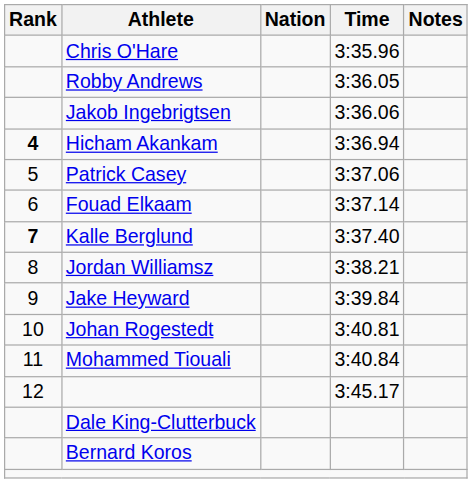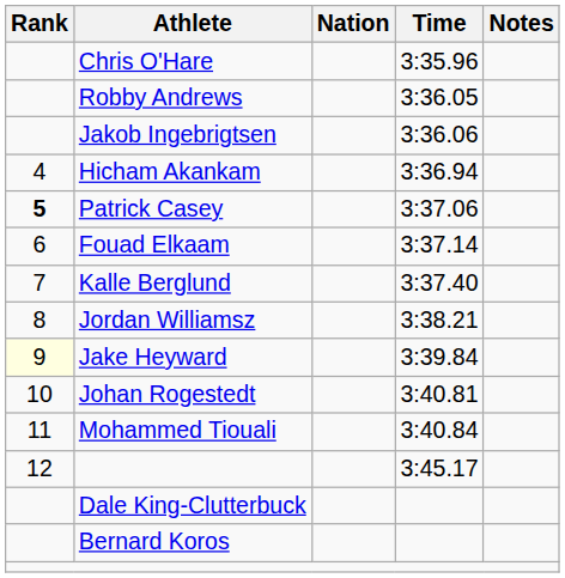 <table class="wikitable sortable" style="text-align:center;">
 <tr>
 <th scope="col" style="width: 10px;">Rank</th>
 <th scope="col">Athlete</th>
 <th scope="col">Nation</th>
 <th scope="col">Time</th>
 <th scope="col">Notes</th>
 </tr>
 <tr>
 <td></td>
 <td align=left><a href='#'>Chris O'Hare</a></td>
 <td align=left></td>
 <td>3:35.96</td>
 <td></td>
 </tr>
 <tr>
 <td></td>
 <td align=left><a href='#'>Robby Andrews</a></td>
 <td align=left></td>
 <td>3:36.05</td>
 <td></td>
 </tr>
 <tr>
 <td></td>
 <td align=left><a href='#'>Jakob Ingebrigtsen</a></td>
 <td align=left></td>
 <td>3:36.06</td>
 <td></td>
 </tr>
 <tr>
-<td><strong>4</strong></td>
+<td>4</td>
 <td align=left><a href='#'>Hicham Akankam</a></td>
 <td align=left></td>
 <td>3:36.94</td>
 <td></td>
 </tr>
 <tr>
-<td>5</td>
+<td><strong>5</strong></td>
 <td align=left><a href='#'>Patrick Casey</a></td>
 <td align=left></td>
 <td>3:37.06</td>
 <td></td>
 </tr>
 <tr>
 <td>6</td>
 <td align=left><a href='#'>Fouad Elkaam</a></td>
 <td align=left></td>
 <td>3:37.14</td>
 <td></td>
 </tr>
 <tr>
-<td><strong>7</strong></td>
+<td>7</td>
 <td align=left><a href='#'>Kalle Berglund</a></td>
 <td align=left></td>
 <td>3:37.40</td>
 <td></td>
 </tr>
 <tr>
 <td>8</td>
 <td align=left><a href='#'>Jordan Williamsz</a></td>
 <td align=left></td>
 <td>3:38.21</td>
 <td></td>
 </tr>
 <tr>
-<td>9</td>
+<td style="background: lightyellow;">9</td>
 <td align=left><a href='#'>Jake Heyward</a></td>
 <td align=left></td>
 <td>3:39.84</td>
 <td></td>
 </tr>
 <tr>
 <td>10</td>
 <td align=left><a href='#'>Johan Rogestedt</a></td>
 <td align=left></td>
 <td>3:40.81</td>
 <td></td>
 </tr>
 <tr>
 <td>11</td>
 <td align=left><a href='#'>Mohammed Tiouali</a></td>
 <td align=left></td>
 <td>3:40.84</td>
 <td></td>
 </tr>
 <tr>
 <td>12</td>
 <td align=left></td>
 <td align=left></td>
 <td>3:45.17</td>
 <td></td>
 </tr>
 <tr>
 <td></td>
 <td align="left"><a href='#'>Dale King-Clutterbuck</a></td>
 <td align="left"></td>
 <td></td>
 <td></td>
 </tr>
 <tr>
 <td></td>
 <td align="left"><a href='#'>Bernard Koros</a></td>
 <td align="left"></td>
 <td></td>
 <td></td>
 </tr>
 <tr class="sortbottom">
 <td colspan="5"></td>
 </tr>
 </table>
